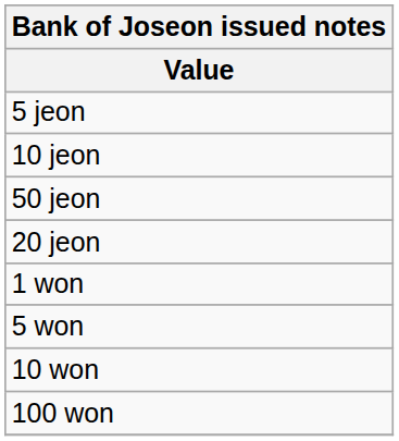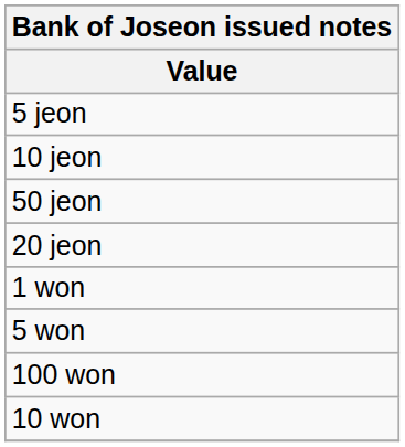 <table class="wikitable" style="font-size: 90%">
 <tr>
 <th colspan="1">Bank of Joseon issued notes</th>
 </tr>
 <tr>
 <th>Value</th>
 </tr>
 <tr>
 <td>5 jeon</td>
 </tr>
 <tr>
 <td>10 jeon</td>
 </tr>
 <tr>
 <td>50 jeon</td>
 </tr>
 <tr>
 <td>20 jeon</td>
 </tr>
 <tr>
 <td>1 won</td>
 </tr>
 <tr>
 <td>5 won</td>
 </tr>
 <tr>
-<td>10 won</td>
+<td>100 won</td>
 </tr>
 <tr>
-<td>100 won</td>
+<td>10 won</td>
 </tr>
 <tr>
 </tr>
 </table>
